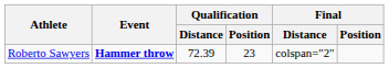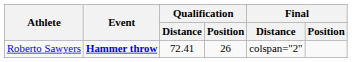 <table class="wikitable" style="font-size:90%">
 <tr>
 <th rowspan="2">Athlete</th>
 <th rowspan="2">Event</th>
 <th colspan="2">Qualification</th>
 <th colspan="2">Final</th>
 </tr>
 <tr>
 <th>Distance</th>
 <th>Position</th>
 <th>Distance</th>
 <th>Position</th>
 </tr>
 <tr style=text-align:center>
 <td style=text-align:left><a href='#'>Roberto Sawyers</a></td>
 <td style=text-align:left><strong><a href='#'>Hammer throw</a></strong></td>
-<td>72.39</td>
-<td>23</td>
+<td>72.41</td>
+<td>26</td>
 <td>colspan="2" </td>
 </tr>
 </table>
